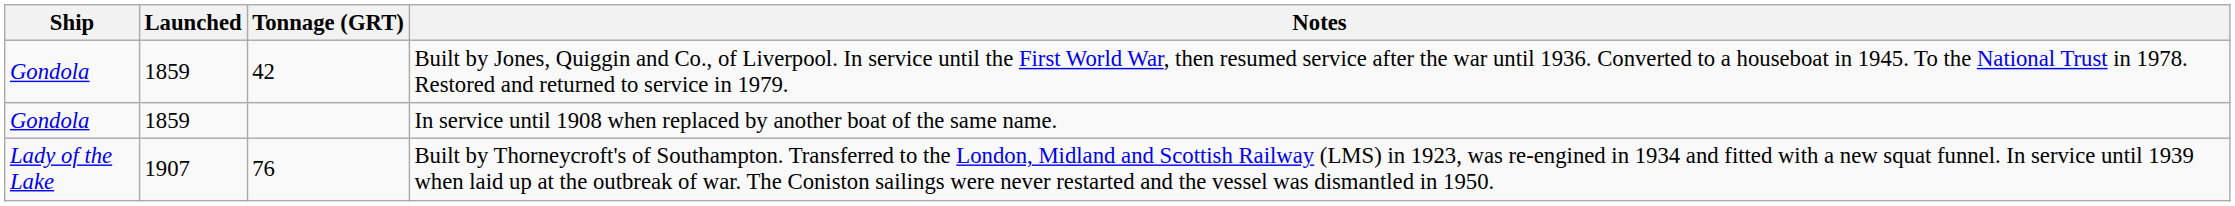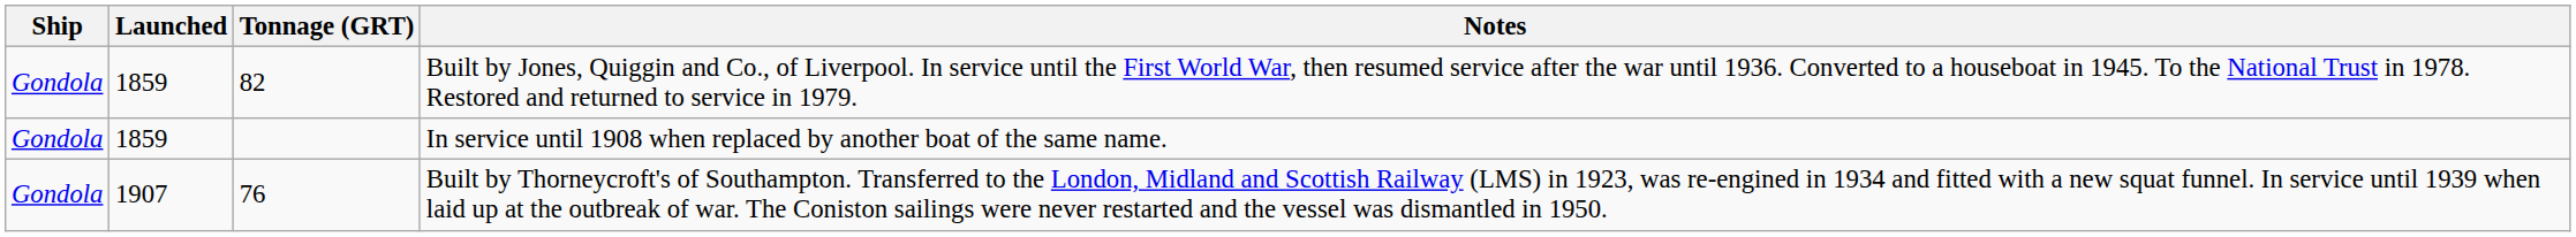 <table class="wikitable">
 <tr>
 <th>Ship</th>
 <th>Launched</th>
 <th>Tonnage (GRT)</th>
 <th>Notes</th>
 </tr>
 <tr>
 <td><a href='#'><em>Gondola</em></a></td>
 <td>1859</td>
-<td>42</td>
+<td>82</td>
 <td>Built by Jones, Quiggin and Co., of Liverpool. In service until the <a href='#'>First World War</a>, then resumed service after the war until 1936. Converted to a houseboat in 1945. To the <a href='#'>National Trust</a> in 1978. Restored and returned to service in 1979.</td>
 </tr>
 <tr>
 <td><a href='#'><em>Gondola</em></a></td>
 <td>1859</td>
 <td></td>
 <td>In service until 1908 when replaced by another boat of the same name.</td>
 </tr>
 <tr>
-<td><a href='#'><em>Lady of the Lake</em></a></td>
+<td><a href='#'><em>Gondola</em></a></td>
 <td>1907</td>
 <td>76</td>
 <td>Built by Thorneycroft's of Southampton. Transferred to the <a href='#'>London, Midland and Scottish Railway</a> (LMS) in 1923, was re-engined in 1934 and fitted with a new squat funnel. In service until 1939 when laid up at the outbreak of war. The Coniston sailings were never restarted and the vessel was dismantled in 1950.</td>
 </tr>
 </table>
